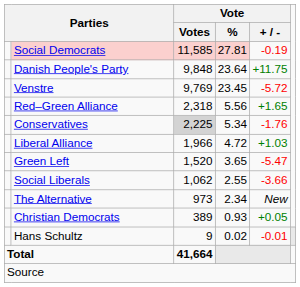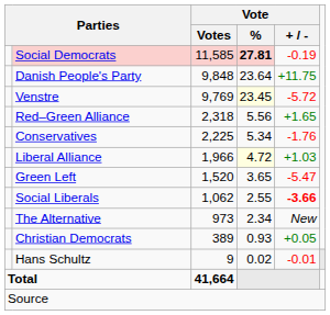 <table class="wikitable" style="text-align:right;">
 <tr>
 <th style="text-align:centre;" rowspan="2" colspan="2" width="225">Parties</th>
 <th colspan="3">Vote</th>
 </tr>
 <tr>
 <th width="15">Votes</th>
 <th width="15">%</th>
 <th width="15">+ / -</th>
 </tr>
 <tr>
 <td width="2" style="color:inherit;background:"></td>
 <td bgcolor=#fbd0ce  align="left"><a href='#'>Social Democrats</a></td>
 <td bgcolor=#fbd0ce>11,585</td>
-<td bgcolor=#fbd0ce>27.81</td>
+<td bgcolor=#fbd0ce><strong>27.81</strong></td>
 <td style=color:red;>-0.19</td>
 </tr>
 <tr>
 <td width="2" style="color:inherit;background:"></td>
 <td align="left"><a href='#'>Danish People's Party</a></td>
 <td>9,848</td>
 <td>23.64</td>
 <td style=color:green;>+11.75</td>
 </tr>
 <tr>
 <td width="2" style="color:inherit;background:"></td>
 <td align="left"><a href='#'>Venstre</a></td>
 <td>9,769</td>
-<td>23.45</td>
+<td style="background: lightyellow;">23.45</td>
 <td style=color:red;>-5.72</td>
 </tr>
 <tr>
 <td width="2" style="color:inherit;background:"></td>
 <td align="left"><a href='#'>Red–Green Alliance</a></td>
 <td>2,318</td>
 <td>5.56</td>
 <td style=color:green;>+1.65</td>
 </tr>
 <tr>
 <td width="2" style="color:inherit;background:"></td>
 <td align="left"><a href='#'>Conservatives</a></td>
-<td style="background: lightgrey;">2,225</td>
+<td>2,225</td>
 <td>5.34</td>
 <td style=color:red;>-1.76</td>
 </tr>
 <tr>
 <td width="2" style="color:inherit;background:"></td>
 <td align="left"><a href='#'>Liberal Alliance</a></td>
 <td>1,966</td>
-<td>4.72</td>
+<td style="background: lightyellow;">4.72</td>
 <td style=color:green;>+1.03</td>
 </tr>
 <tr>
 <td width="2" style="color:inherit;background:"></td>
 <td align="left"><a href='#'>Green Left</a></td>
 <td>1,520</td>
 <td>3.65</td>
 <td style=color:red;>-5.47</td>
 </tr>
 <tr>
 <td width="2" style="color:inherit;background:"></td>
 <td align="left"><a href='#'>Social Liberals</a></td>
 <td>1,062</td>
 <td>2.55</td>
-<td style=color:red;>-3.66</td>
+<td style=color:red;><strong>-3.66</strong></td>
 </tr>
 <tr>
 <td width="2" style="color:inherit;background:"></td>
 <td align="left"><a href='#'>The Alternative</a></td>
 <td>973</td>
 <td>2.34</td>
 <td><em>New</em></td>
 </tr>
 <tr>
 <td width="2" style="color:inherit;background:"></td>
 <td align="left"><a href='#'>Christian Democrats</a></td>
 <td>389</td>
 <td>0.93</td>
 <td style=color:green;>+0.05</td>
 </tr>
 <tr>
 <td width="2" style="color:inherit;background:"></td>
 <td align="left">Hans Schultz</td>
 <td>9</td>
 <td>0.02</td>
 <td style=color:red;>-0.01</td>
 <td colspan="7" bgcolor="#E9E9E9"></td>
 </tr>
 <tr>
 <td align="left" colspan="2"><strong>Total</strong></td>
 <td><strong>41,664</strong></td>
 <td bgcolor="#E9E9E9" colspan="2"></td>
 </tr>
 <tr>
 <td align="left" colspan="6">Source</td>
 </tr>
 </table>
